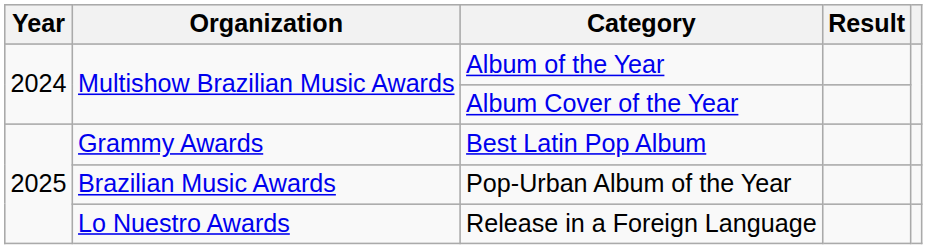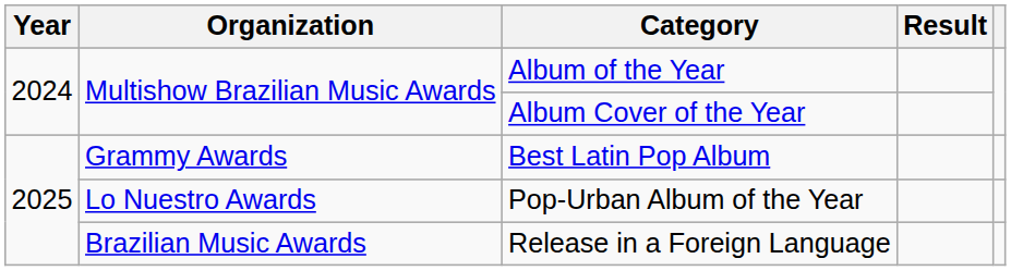 <table class="wikitable">
 <tr>
 <th>Year</th>
 <th>Organization</th>
 <th>Category</th>
 <th>Result</th>
 <th></th>
 </tr>
 <tr>
 <td rowspan="2">2024</td>
 <td rowspan="2"><a href='#'>Multishow Brazilian Music Awards</a></td>
 <td><a href='#'>Album of the Year</a></td>
 <td></td>
 <td rowspan="2" align="center"><br></td>
 </tr>
 <tr>
 <td><a href='#'>Album Cover of the Year</a></td>
 <td></td>
 </tr>
 <tr>
 <td rowspan="3">2025</td>
 <td><a href='#'>Grammy Awards</a></td>
 <td><a href='#'>Best Latin Pop Album</a></td>
 <td></td>
 <td align="center"></td>
 </tr>
 <tr>
-<td><a href='#'>Brazilian Music Awards</a></td>
+<td><a href='#'>Lo Nuestro Awards</a></td>
 <td>Pop-Urban Album of the Year</td>
 <td></td>
 <td align="center"></td>
 </tr>
 <tr>
-<td><a href='#'>Lo Nuestro Awards</a></td>
+<td><a href='#'>Brazilian Music Awards</a></td>
 <td>Release in a Foreign Language</td>
 <td></td>
 <td style="text-align:center;"></td>
 </tr>
 </table>
